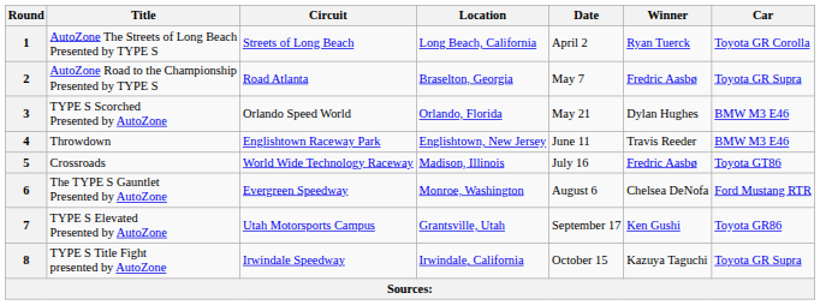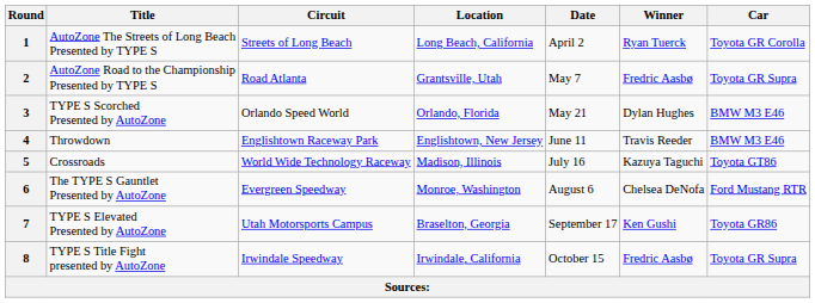 <table class="wikitable" style="font-size: 90%;">
 <tr>
 <th>Round</th>
 <th>Title</th>
 <th>Circuit</th>
 <th>Location</th>
 <th>Date</th>
 <th>Winner</th>
 <th>Car</th>
 </tr>
 <tr>
 <th>1</th>
 <td><a href='#'>AutoZone</a> The Streets of Long Beach<br>Presented by TYPE S</td>
 <td><a href='#'>Streets of Long Beach</a></td>
 <td><a href='#'>Long Beach, California</a></td>
 <td>April 2</td>
 <td> <a href='#'>Ryan Tuerck</a></td>
 <td><a href='#'>Toyota GR Corolla</a></td>
 </tr>
 <tr>
 <th>2</th>
 <td><a href='#'>AutoZone</a> Road to the Championship<br>Presented by TYPE S</td>
 <td><a href='#'>Road Atlanta</a></td>
-<td><a href='#'>Braselton, Georgia</a></td>
+<td><a href='#'>Grantsville, Utah</a></td>
 <td>May 7</td>
 <td> <a href='#'>Fredric Aasbø</a></td>
 <td><a href='#'>Toyota GR Supra</a></td>
 </tr>
 <tr>
 <th>3</th>
 <td>TYPE S Scorched<br>Presented by <a href='#'>AutoZone</a></td>
 <td>Orlando Speed World</td>
 <td><a href='#'>Orlando, Florida</a></td>
 <td>May 21</td>
 <td> Dylan Hughes</td>
 <td><a href='#'>BMW M3 E46</a></td>
 </tr>
 <tr>
 <th>4</th>
 <td>Throwdown</td>
 <td><a href='#'>Englishtown Raceway Park</a></td>
 <td><a href='#'>Englishtown, New Jersey</a></td>
 <td>June 11</td>
 <td> Travis Reeder</td>
 <td><a href='#'>BMW M3 E46</a></td>
 </tr>
 <tr>
 <th>5</th>
 <td>Crossroads</td>
 <td><a href='#'>World Wide Technology Raceway</a></td>
 <td><a href='#'>Madison, Illinois</a></td>
 <td>July 16</td>
-<td> <a href='#'>Fredric Aasbø</a></td>
+<td> Kazuya Taguchi</td>
 <td><a href='#'>Toyota GT86</a></td>
 </tr>
 <tr>
 <th>6</th>
 <td>The TYPE S Gauntlet<br>Presented by <a href='#'>AutoZone</a></td>
 <td><a href='#'>Evergreen Speedway</a></td>
 <td><a href='#'>Monroe, Washington</a></td>
 <td>August 6</td>
 <td> Chelsea DeNofa</td>
 <td><a href='#'>Ford Mustang RTR</a></td>
 </tr>
 <tr>
 <th>7</th>
 <td>TYPE S Elevated<br>Presented by <a href='#'>AutoZone</a></td>
 <td><a href='#'>Utah Motorsports Campus</a></td>
-<td><a href='#'>Grantsville, Utah</a></td>
+<td><a href='#'>Braselton, Georgia</a></td>
 <td>September 17</td>
 <td> <a href='#'>Ken Gushi</a></td>
 <td><a href='#'>Toyota GR86</a></td>
 </tr>
 <tr>
 <th>8</th>
 <td>TYPE S Title Fight<br>presented by <a href='#'>AutoZone</a></td>
 <td><a href='#'>Irwindale Speedway</a></td>
 <td><a href='#'>Irwindale, California</a></td>
 <td>October 15</td>
-<td> Kazuya Taguchi</td>
+<td> <a href='#'>Fredric Aasbø</a></td>
 <td><a href='#'>Toyota GR Supra</a></td>
 </tr>
 <tr>
 <th colspan=7>Sources:</th>
 </tr>
 </table>
